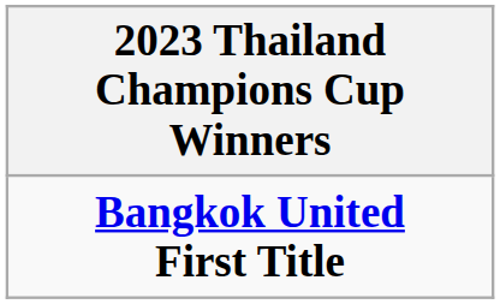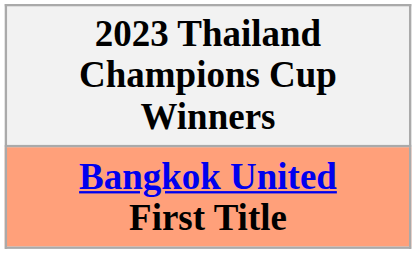 <table class="wikitable" style="text-align: center; margin: 0 auto; width: 20%">
 <tr>
 <th>2023 Thailand Champions Cup<br>Winners</th>
 </tr>
 <tr>
-<td align="center"><strong><a href='#'>Bangkok United</a></strong><br><strong>First Title</strong></td>
+<td align="center" style="background: lightsalmon;"><strong><a href='#'>Bangkok United</a></strong><br><strong>First Title</strong></td>
 </tr>
 </table>
